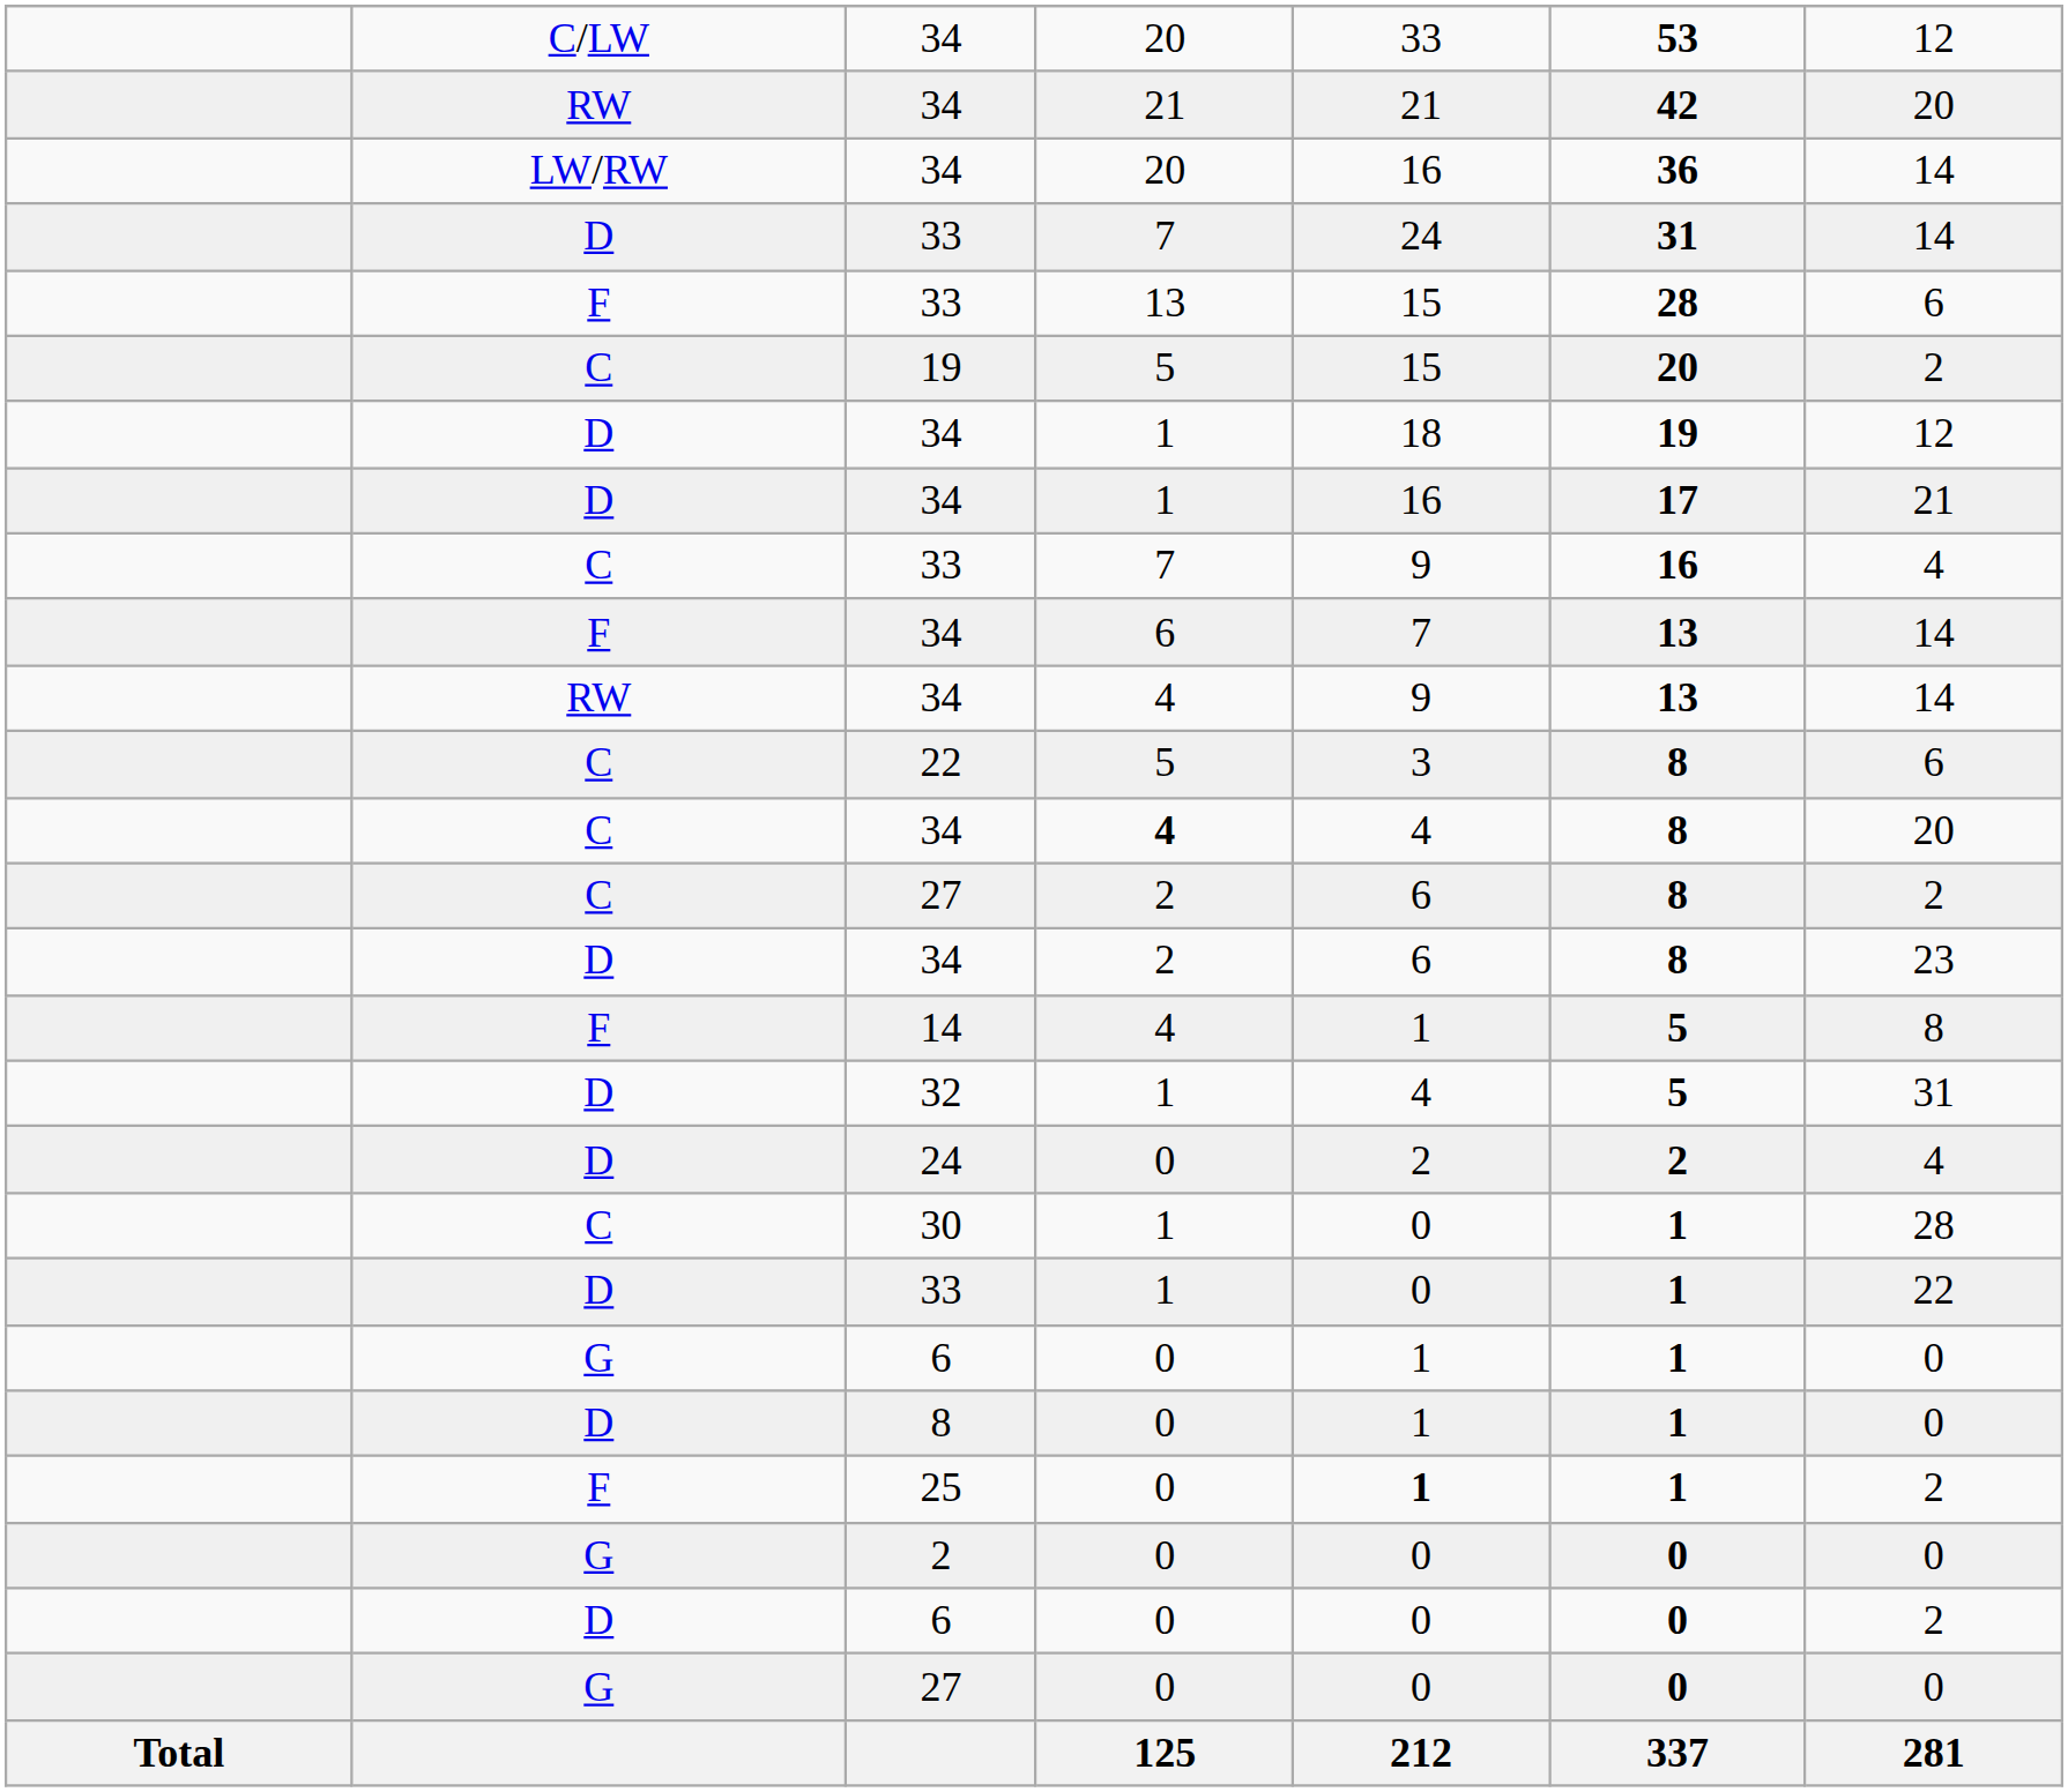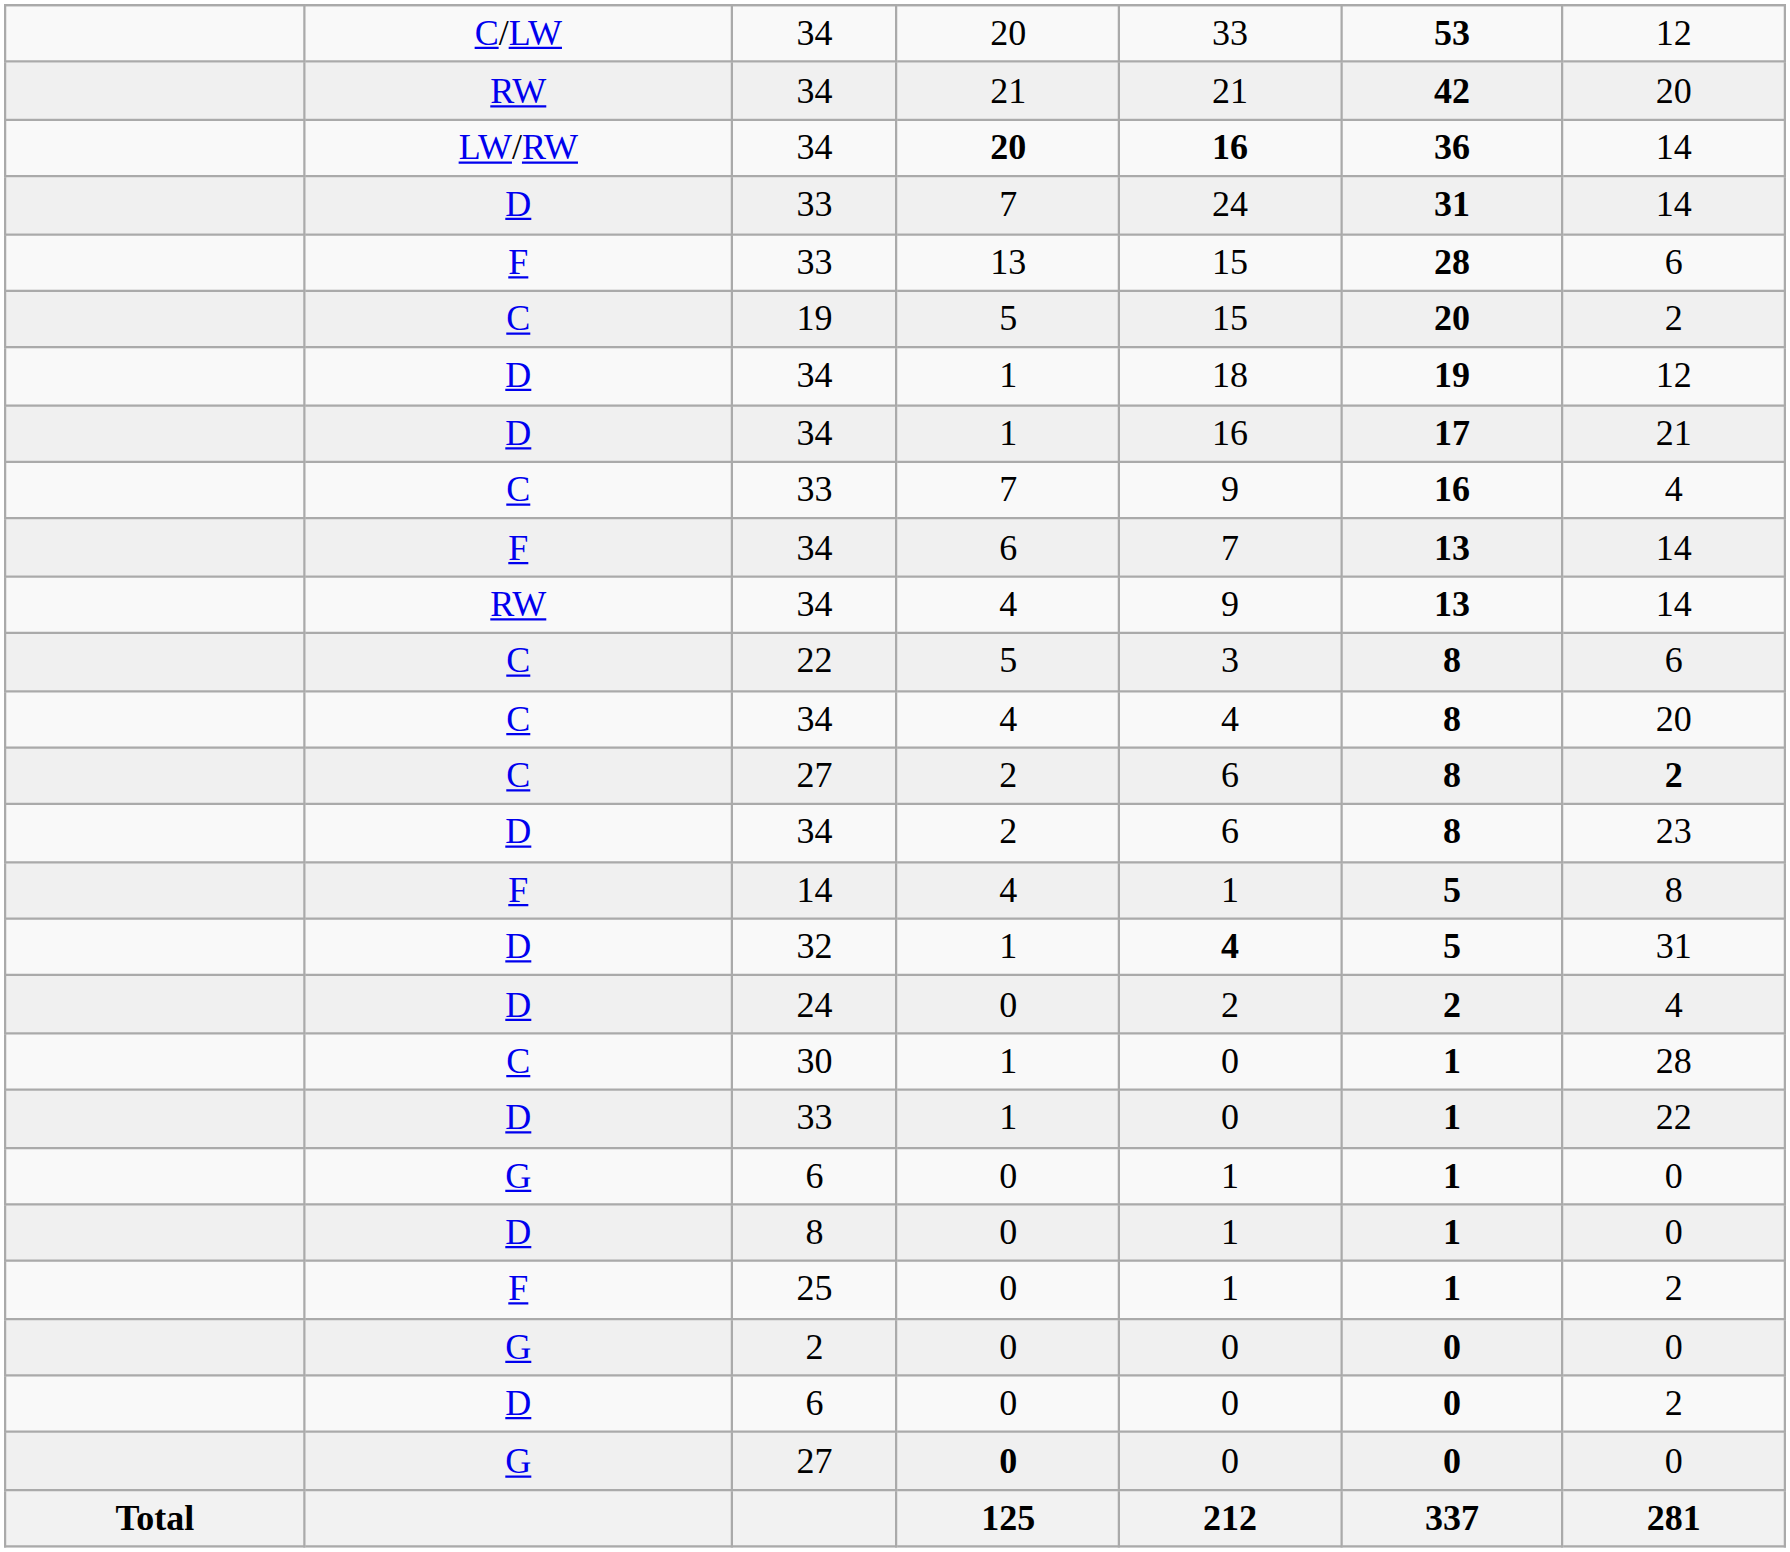 <table class="wikitable sortable" width=50%>
 <tr align="center">
 </tr>
 <tr align="center" bgcolor="">
 <td></td>
 <td><a href='#'>C</a>/<a href='#'>LW</a></td>
 <td>34</td>
 <td>20</td>
 <td>33</td>
 <td><strong>53</strong></td>
 <td>12</td>
 </tr>
 <tr align="center" bgcolor="f0f0f0">
 <td></td>
 <td><a href='#'>RW</a></td>
 <td>34</td>
 <td>21</td>
 <td>21</td>
 <td><strong>42</strong></td>
 <td>20</td>
 </tr>
 <tr align="center" bgcolor="">
 <td></td>
 <td><a href='#'>LW</a>/<a href='#'>RW</a></td>
 <td>34</td>
-<td>20</td>
-<td>16</td>
+<td><strong>20</strong></td>
+<td><strong>16</strong></td>
 <td><strong>36</strong></td>
 <td>14</td>
 </tr>
 <tr align="center" bgcolor="f0f0f0">
 <td></td>
 <td><a href='#'>D</a></td>
 <td>33</td>
 <td>7</td>
 <td>24</td>
 <td><strong>31</strong></td>
 <td>14</td>
 </tr>
 <tr align="center" bgcolor="">
 <td></td>
 <td><a href='#'>F</a></td>
 <td>33</td>
 <td>13</td>
 <td>15</td>
 <td><strong>28</strong></td>
 <td>6</td>
 </tr>
 <tr align="center" bgcolor="f0f0f0">
 <td></td>
 <td><a href='#'>C</a></td>
 <td>19</td>
 <td>5</td>
 <td>15</td>
 <td><strong>20</strong></td>
 <td>2</td>
 </tr>
 <tr align="center" bgcolor="">
 <td></td>
 <td><a href='#'>D</a></td>
 <td>34</td>
 <td>1</td>
 <td>18</td>
 <td><strong>19</strong></td>
 <td>12</td>
 </tr>
 <tr align="center" bgcolor="f0f0f0">
 <td></td>
 <td><a href='#'>D</a></td>
 <td>34</td>
 <td>1</td>
 <td>16</td>
 <td><strong>17</strong></td>
 <td>21</td>
 </tr>
 <tr align="center" bgcolor="">
 <td></td>
 <td><a href='#'>C</a></td>
 <td>33</td>
 <td>7</td>
 <td>9</td>
 <td><strong>16</strong></td>
 <td>4</td>
 </tr>
 <tr align="center" bgcolor="f0f0f0">
 <td></td>
 <td><a href='#'>F</a></td>
 <td>34</td>
 <td>6</td>
 <td>7</td>
 <td><strong>13</strong></td>
 <td>14</td>
 </tr>
 <tr align="center" bgcolor="">
 <td></td>
 <td><a href='#'>RW</a></td>
 <td>34</td>
 <td>4</td>
 <td>9</td>
 <td><strong>13</strong></td>
 <td>14</td>
 </tr>
 <tr align="center" bgcolor="f0f0f0">
 <td></td>
 <td><a href='#'>C</a></td>
 <td>22</td>
 <td>5</td>
 <td>3</td>
 <td><strong>8</strong></td>
 <td>6</td>
 </tr>
 <tr align="center" bgcolor="">
 <td></td>
 <td><a href='#'>C</a></td>
 <td>34</td>
-<td><strong>4</strong></td>
+<td>4</td>
 <td>4</td>
 <td><strong>8</strong></td>
 <td>20</td>
 </tr>
 <tr align="center" bgcolor="f0f0f0">
 <td></td>
 <td><a href='#'>C</a></td>
 <td>27</td>
 <td>2</td>
 <td>6</td>
 <td><strong>8</strong></td>
-<td>2</td>
+<td><strong>2</strong></td>
 </tr>
 <tr align="center" bgcolor="">
 <td></td>
 <td><a href='#'>D</a></td>
 <td>34</td>
 <td>2</td>
 <td>6</td>
 <td><strong>8</strong></td>
 <td>23</td>
 </tr>
 <tr align="center" bgcolor="f0f0f0">
 <td></td>
 <td><a href='#'>F</a></td>
 <td>14</td>
 <td>4</td>
 <td>1</td>
 <td><strong>5</strong></td>
 <td>8</td>
 </tr>
 <tr align="center" bgcolor="">
 <td></td>
 <td><a href='#'>D</a></td>
 <td>32</td>
 <td>1</td>
-<td>4</td>
+<td><strong>4</strong></td>
 <td><strong>5</strong></td>
 <td>31</td>
 </tr>
 <tr align="center" bgcolor="f0f0f0">
 <td></td>
 <td><a href='#'>D</a></td>
 <td>24</td>
 <td>0</td>
 <td>2</td>
 <td><strong>2</strong></td>
 <td>4</td>
 </tr>
 <tr align="center" bgcolor="">
 <td></td>
 <td><a href='#'>C</a></td>
 <td>30</td>
 <td>1</td>
 <td>0</td>
 <td><strong>1</strong></td>
 <td>28</td>
 </tr>
 <tr align="center" bgcolor="f0f0f0">
 <td></td>
 <td><a href='#'>D</a></td>
 <td>33</td>
 <td>1</td>
 <td>0</td>
 <td><strong>1</strong></td>
 <td>22</td>
 </tr>
 <tr align="center" bgcolor="">
 <td></td>
 <td><a href='#'>G</a></td>
 <td>6</td>
 <td>0</td>
 <td>1</td>
 <td><strong>1</strong></td>
 <td>0</td>
 </tr>
 <tr align="center" bgcolor="f0f0f0">
 <td></td>
 <td><a href='#'>D</a></td>
 <td>8</td>
 <td>0</td>
 <td>1</td>
 <td><strong>1</strong></td>
 <td>0</td>
 </tr>
 <tr align="center" bgcolor="">
 <td></td>
 <td><a href='#'>F</a></td>
 <td>25</td>
 <td>0</td>
-<td><strong>1</strong></td>
+<td>1</td>
 <td><strong>1</strong></td>
 <td>2</td>
 </tr>
 <tr align="center" bgcolor="f0f0f0">
 <td></td>
 <td><a href='#'>G</a></td>
 <td>2</td>
 <td>0</td>
 <td>0</td>
 <td><strong>0</strong></td>
 <td>0</td>
 </tr>
 <tr align="center" bgcolor="">
 <td></td>
 <td><a href='#'>D</a></td>
 <td>6</td>
 <td>0</td>
 <td>0</td>
 <td><strong>0</strong></td>
 <td>2</td>
 </tr>
 <tr align="center" bgcolor="f0f0f0">
 <td></td>
 <td><a href='#'>G</a></td>
 <td>27</td>
-<td>0</td>
+<td><strong>0</strong></td>
 <td>0</td>
 <td><strong>0</strong></td>
 <td>0</td>
 </tr>
 <tr>
 <th>Total</th>
 <th></th>
 <th></th>
 <th>125</th>
 <th>212</th>
 <th>337</th>
 <th>281</th>
 </tr>
 </table>
